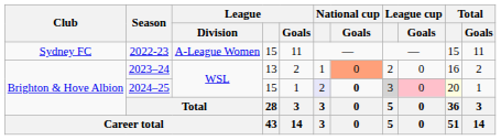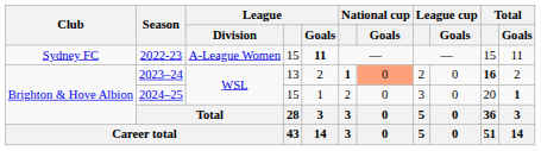 <table class="wikitable" style="text-align:center">
 <tr>
 <th rowspan=2 scope="col">Club</th>
 <th rowspan=2 scope="col">Season</th>
 <th colspan=3 scope="colgroup">League</th>
 <th colspan=2 scope="colgroup">National cup</th>
 <th colspan=2 scope="colgroup">League cup</th>
 <th colspan=2 scope="colgroup">Total</th>
 </tr>
 <tr>
 <th scope="col">Division</th>
 <th scope="col"></th>
 <th scope="col">Goals</th>
 <th scope="col"></th>
 <th scope="col">Goals</th>
 <th scope="col"></th>
 <th scope="col">Goals</th>
 <th scope="col"></th>
 <th scope="col">Goals</th>
 </tr>
 <tr>
 <td><a href='#'>Sydney FC</a></td>
 <td><a href='#'>2022-23</a></td>
 <td><a href='#'>A-League Women</a></td>
 <td>15</td>
-<td>11</td>
+<td><strong>11</strong></td>
 <td colspan=2>—</td>
 <td colspan=2>—</td>
 <td>15</td>
 <td>11</td>
 </tr>
 <tr>
 <td rowspan=3><a href='#'>Brighton & Hove Albion</a></td>
 <td><a href='#'>2023–24</a></td>
 <td rowspan=2><a href='#'>WSL</a></td>
 <td>13</td>
 <td>2</td>
-<td>1</td>
+<td><strong>1</strong></td>
 <td style="background: lightsalmon;">0</td>
 <td>2</td>
 <td>0</td>
-<td>16</td>
+<td><strong>16</strong></td>
 <td>2</td>
 </tr>
 <tr>
 <td><a href='#'>2024–25</a></td>
 <td>15</td>
 <td>1</td>
-<td style="background: lavender;">2</td>
-<td><strong>0</strong></td>
-<td style="background: lightgrey;">3</td>
-<td style="background: pink;">0</td>
-<td style="background: lightyellow;">20</td>
-<td>1</td>
+<td>2</td>
+<td>0</td>
+<td>3</td>
+<td>0</td>
+<td>20</td>
+<td><strong>1</strong></td>
 </tr>
 <tr>
 <th colspan=2 scope="row">Total</th>
 <th>28</th>
 <th>3</th>
 <th>3</th>
 <th>0</th>
 <th>5</th>
 <th>0</th>
 <th>36</th>
 <th>3</th>
 </tr>
 <tr>
 <th colspan=3 scope="row">Career total</th>
 <th>43</th>
 <th>14</th>
 <th>3</th>
 <th>0</th>
 <th>5</th>
 <th>0</th>
 <th>51</th>
 <th>14</th>
 </tr>
 </table>
